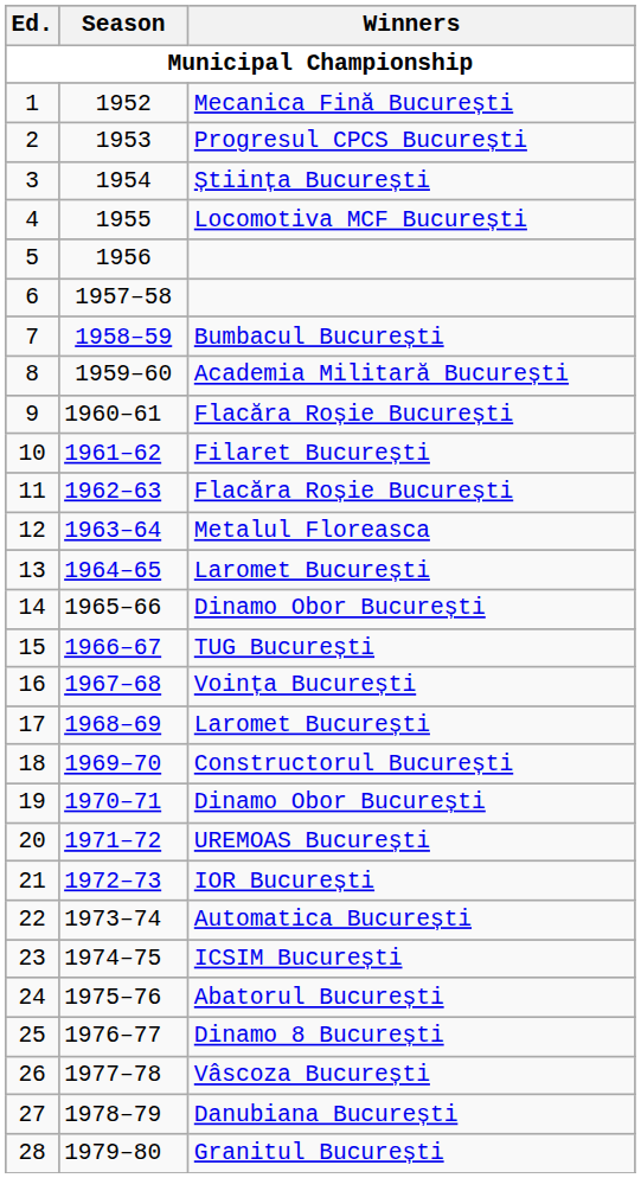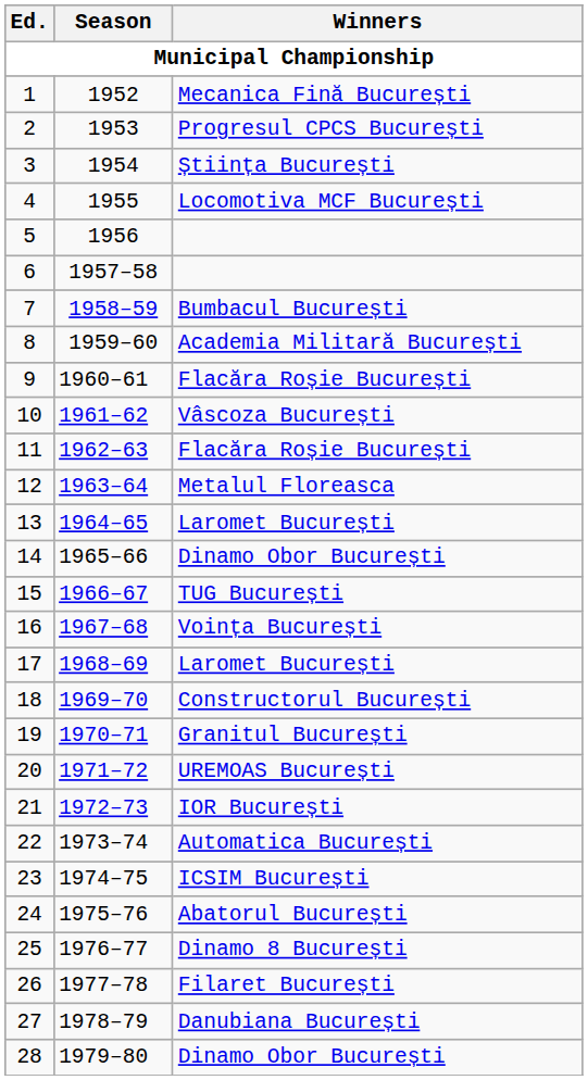 <table class="wikitable" style="font-size:90%">
 <tr>
 <th><abbr>Ed.</abbr></th>
 <th width="60">Season</th>
 <th width="220">Winners</th>
 </tr>
 <tr>
 <th colspan="3" style="background:#ffffff">Municipal Championship</th>
 </tr>
 <tr>
 <td align=center>1</td>
 <td align=center>1952</td>
 <td><a href='#'>Mecanica Fină București</a></td>
 </tr>
 <tr>
 <td align=center>2</td>
 <td align=center>1953</td>
 <td><a href='#'>Progresul CPCS București</a></td>
 </tr>
 <tr>
 <td align=center>3</td>
 <td align=center>1954</td>
 <td><a href='#'>Știința București</a></td>
 </tr>
 <tr>
 <td align=center>4</td>
 <td align=center>1955</td>
 <td><a href='#'>Locomotiva MCF București</a></td>
 </tr>
 <tr>
 <td align=center>5</td>
 <td align=center>1956</td>
 <td></td>
 </tr>
 <tr>
 <td align=center>6</td>
 <td align=center>1957–58</td>
 <td></td>
 </tr>
 <tr>
 <td align=center>7</td>
 <td align=center><a href='#'>1958–59</a></td>
 <td><a href='#'>Bumbacul București</a></td>
 </tr>
 <tr>
 <td align=center>8</td>
 <td align=center>1959–60</td>
 <td><a href='#'>Academia Militară București</a></td>
 </tr>
 <tr>
 <td align=center>9</td>
 <td>1960–61</td>
 <td><a href='#'>Flacăra Roșie București</a></td>
 </tr>
 <tr>
 <td align=center>10</td>
 <td><a href='#'>1961–62</a></td>
-<td><a href='#'>Filaret București</a></td>
+<td><a href='#'>Vâscoza București</a></td>
 </tr>
 <tr>
 <td align=center>11</td>
 <td><a href='#'>1962–63</a></td>
 <td><a href='#'>Flacăra Roșie București</a></td>
 </tr>
 <tr>
 <td align=center>12</td>
 <td><a href='#'>1963–64</a></td>
 <td><a href='#'>Metalul Floreasca</a></td>
 </tr>
 <tr>
 <td align=center>13</td>
 <td><a href='#'>1964–65</a></td>
 <td><a href='#'>Laromet București</a></td>
 </tr>
 <tr>
 <td align=center>14</td>
 <td>1965–66</td>
 <td><a href='#'>Dinamo Obor București</a></td>
 </tr>
 <tr>
 <td align=center>15</td>
 <td><a href='#'>1966–67</a></td>
 <td><a href='#'>TUG București</a></td>
 </tr>
 <tr>
 <td align=center>16</td>
 <td><a href='#'>1967–68</a></td>
 <td><a href='#'>Voința București</a></td>
 </tr>
 <tr>
 <td align=center>17</td>
 <td><a href='#'>1968–69</a></td>
 <td><a href='#'>Laromet București</a></td>
 </tr>
 <tr>
 <td align=center>18</td>
 <td><a href='#'>1969–70</a></td>
 <td><a href='#'>Constructorul București</a></td>
 </tr>
 <tr>
 <td align=center>19</td>
 <td><a href='#'>1970–71</a></td>
-<td><a href='#'>Dinamo Obor București</a></td>
+<td><a href='#'>Granitul București</a></td>
 </tr>
 <tr>
 <td align=center>20</td>
 <td><a href='#'>1971–72</a></td>
 <td><a href='#'>UREMOAS București</a></td>
 </tr>
 <tr>
 <td align=center>21</td>
 <td><a href='#'>1972–73</a></td>
 <td><a href='#'>IOR București</a></td>
 </tr>
 <tr>
 <td align=center>22</td>
 <td>1973–74</td>
 <td><a href='#'>Automatica București</a></td>
 </tr>
 <tr>
 <td align=center>23</td>
 <td>1974–75</td>
 <td><a href='#'>ICSIM București</a></td>
 </tr>
 <tr>
 <td align=center>24</td>
 <td>1975–76</td>
 <td><a href='#'>Abatorul București</a></td>
 </tr>
 <tr>
 <td align=center>25</td>
 <td>1976–77</td>
 <td><a href='#'>Dinamo 8 București</a></td>
 </tr>
 <tr>
 <td align=center>26</td>
 <td>1977–78</td>
-<td><a href='#'>Vâscoza București</a></td>
+<td><a href='#'>Filaret București</a></td>
 </tr>
 <tr>
 <td align=center>27</td>
 <td>1978–79</td>
 <td><a href='#'>Danubiana București</a></td>
 </tr>
 <tr>
 <td align=center>28</td>
 <td>1979–80</td>
-<td><a href='#'>Granitul București</a></td>
+<td><a href='#'>Dinamo Obor București</a></td>
 </tr>
 <tr>
 </tr>
 </table>
